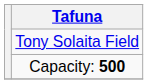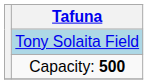 <table class="wikitable" style="text-align:center">
 <tr>
 <th rowspan="3"></th>
 <th><a href='#'>Tafuna</a></th>
 </tr>
 <tr>
-<td><a href='#'>Tony Solaita Field</a></td>
+<td style="background: lightblue;"><a href='#'>Tony Solaita Field</a></td>
 </tr>
 <tr>
 <td>Capacity: <strong>500</strong></td>
 </tr>
 <tr>
 </tr>
 </table>
